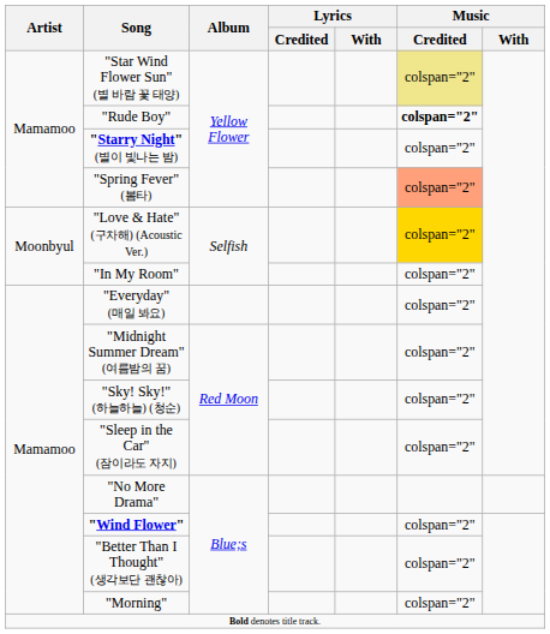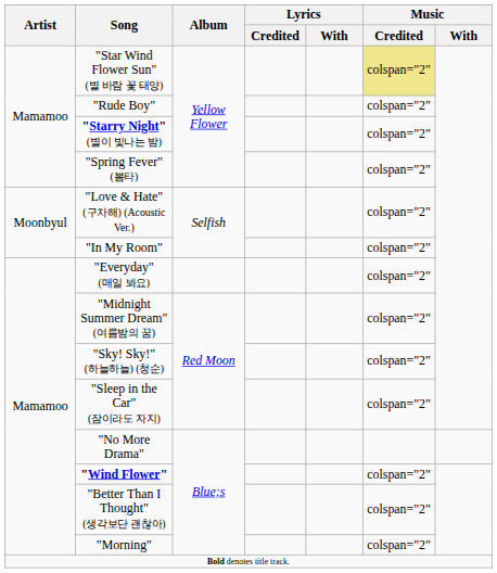 <table class="wikitable" style="text-align:center;">
 <tr>
 <th rowspan="2" style="width:7.5em;">Artist</th>
 <th rowspan="2" style="width:15em;">Song</th>
 <th rowspan="2" style="width:12.5em;">Album</th>
 <th colspan="2" style="width:16em;">Lyrics</th>
 <th colspan="2" style="width:16em;">Music</th>
 </tr>
 <tr>
 <th style="width:6em;">Credited</th>
 <th style="width:10em;">With</th>
 <th style="width:6em;">Credited</th>
 <th style="width:10em;">With</th>
 </tr>
 <tr>
 <td rowspan="4">Mamamoo</td>
 <td>"Star Wind Flower Sun" <br><small>(별 바람 꽃 태양)</small></td>
 <td rowspan="4"><em><a href='#'>Yellow Flower</a></em></td>
 <td></td>
 <td></td>
 <td style="background: khaki;">colspan="2" </td>
 </tr>
 <tr>
 <td>"Rude Boy"</td>
 <td></td>
 <td></td>
-<td><strong>colspan="2" </strong></td>
+<td>colspan="2" </td>
 </tr>
 <tr>
 <td><strong>"<a href='#'>Starry Night</a>"</strong> <br><small>(별이 빛나는 밤)</small></td>
 <td></td>
 <td></td>
 <td>colspan="2" </td>
 </tr>
 <tr>
 <td>"Spring Fever" <br><small>(봄타)</small></td>
 <td></td>
 <td></td>
-<td style="background: lightsalmon;">colspan="2" </td>
+<td>colspan="2" </td>
 </tr>
 <tr>
 <td rowspan="2">Moonbyul</td>
 <td>"Love & Hate" <br><small>(구차해) (Acoustic Ver.)</small></td>
 <td rowspan="2"><em>Selfish</em></td>
 <td></td>
 <td></td>
-<td style="background: gold;">colspan="2" </td>
+<td>colspan="2" </td>
 </tr>
 <tr>
 <td>"In My Room"</td>
 <td></td>
 <td></td>
 <td>colspan="2" </td>
 </tr>
 <tr>
 <td rowspan="8">Mamamoo</td>
 <td>"Everyday" <br><small>(매일 봐요)</small></td>
 <td></td>
 <td></td>
 <td></td>
 <td>colspan="2" </td>
 </tr>
 <tr>
 <td>"Midnight Summer Dream" <br><small>(여름밤의 꿈)</small></td>
 <td rowspan="3"><em><a href='#'>Red Moon</a></em></td>
 <td></td>
 <td></td>
 <td>colspan="2" </td>
 </tr>
 <tr>
 <td>"Sky! Sky!" <br><small>(하늘하늘) (청순)</small></td>
 <td></td>
 <td></td>
 <td>colspan="2" </td>
 </tr>
 <tr>
 <td>"Sleep in the Car" <br><small>(잠이라도 자지)</small></td>
 <td></td>
 <td></td>
 <td>colspan="2" </td>
 </tr>
 <tr>
 <td>"No More Drama"</td>
 <td rowspan="4"><em><a href='#'>Blue;s</a></em></td>
 <td></td>
 <td></td>
 <td></td>
 <td></td>
 </tr>
 <tr>
 <td><strong>"<a href='#'>Wind Flower</a>"</strong></td>
 <td></td>
 <td></td>
 <td>colspan="2" </td>
 </tr>
 <tr>
 <td>"Better Than I Thought" <br><small>(생각보단 괜찮아)</small></td>
 <td></td>
 <td></td>
 <td>colspan="2" </td>
 </tr>
 <tr>
 <td>"Morning"</td>
 <td></td>
 <td></td>
 <td>colspan="2" </td>
 </tr>
 <tr>
 <td colspan="7" style="text-align:center; font-size:8pt;"><strong>Bold</strong> denotes title track.</td>
 </tr>
 </table>
